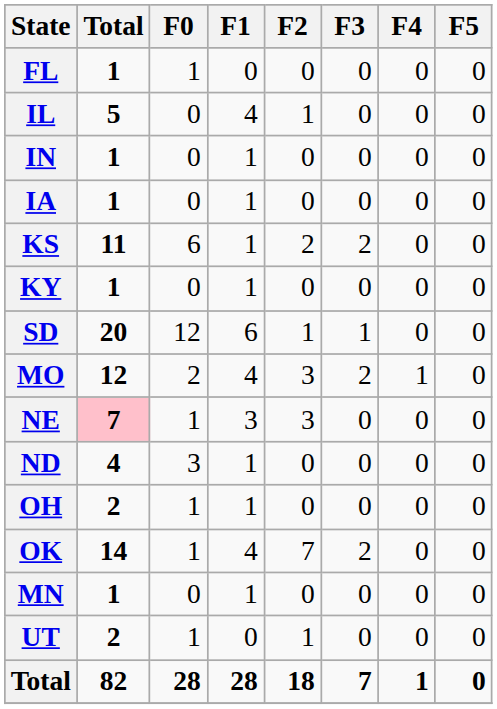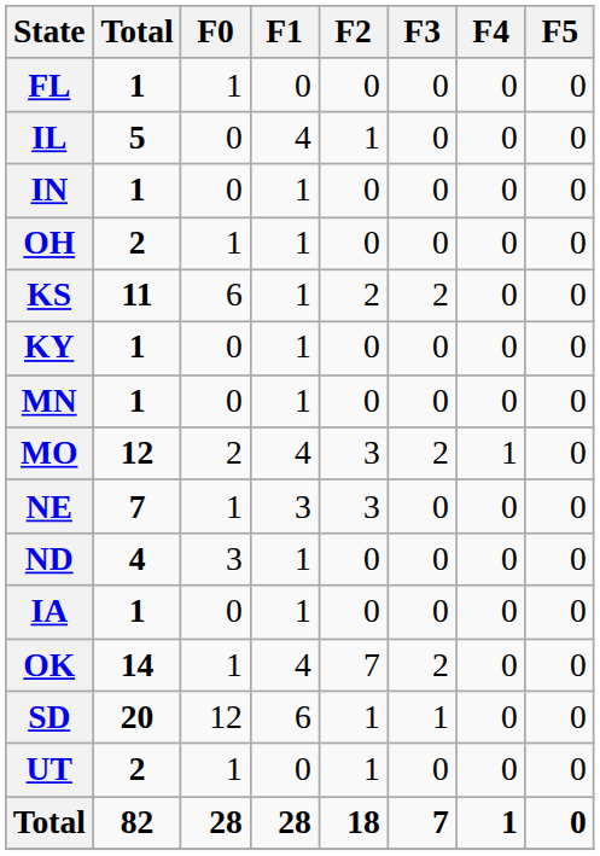 <table class="wikitable" style="margin:0.5em auto">
 <tr>
 <th>State</th>
 <th style="background:#">Total</th>
 <th style="background:#"> F0 </th>
 <th style="background:#"> F1 </th>
 <th style="background:#"> F2 </th>
 <th style="background:#"> F3 </th>
 <th style="background:#"> F4 </th>
 <th style="background:#"> F5 </th>
 </tr>
 <tr>
 <th><a href='#'>FL</a></th>
 <td align="center"><strong>1</strong></td>
 <td align="right">1</td>
 <td align="right">0</td>
 <td align="right">0</td>
 <td align="right">0</td>
 <td align="right">0</td>
 <td align="right">0</td>
 </tr>
 <tr>
 <th><a href='#'>IL</a></th>
 <td align="center"><strong>5</strong></td>
 <td align="right">0</td>
 <td align="right">4</td>
 <td align="right">1</td>
 <td align="right">0</td>
 <td align="right">0</td>
 <td align="right">0</td>
 </tr>
 <tr>
 <th><a href='#'>IN</a></th>
 <td align="center"><strong>1</strong></td>
 <td align="right">0</td>
 <td align="right">1</td>
 <td align="right">0</td>
 <td align="right">0</td>
 <td align="right">0</td>
 <td align="right">0</td>
 </tr>
 <tr>
-<th><a href='#'>IA</a></th>
-<td align="center"><strong>1</strong></td>
-<td align="right">0</td>
+<th><a href='#'>OH</a></th>
+<td align="center"><strong>2</strong></td>
+<td align="right">1</td>
 <td align="right">1</td>
 <td align="right">0</td>
 <td align="right">0</td>
 <td align="right">0</td>
 <td align="right">0</td>
 </tr>
 <tr>
 <th><a href='#'>KS</a></th>
 <td align="center"><strong>11</strong></td>
 <td align="right">6</td>
 <td align="right">1</td>
 <td align="right">2</td>
 <td align="right">2</td>
 <td align="right">0</td>
 <td align="right">0</td>
 </tr>
 <tr>
 <th><a href='#'>KY</a></th>
 <td align="center"><strong>1</strong></td>
 <td align="right">0</td>
 <td align="right">1</td>
 <td align="right">0</td>
 <td align="right">0</td>
 <td align="right">0</td>
 <td align="right">0</td>
 </tr>
 <tr>
-<th><a href='#'>SD</a></th>
-<td align="center"><strong>20</strong></td>
-<td align="right">12</td>
-<td align="right">6</td>
+<th><a href='#'>MN</a></th>
+<td align="center"><strong>1</strong></td>
+<td align="right">0</td>
 <td align="right">1</td>
-<td align="right">1</td>
+<td align="right">0</td>
+<td align="right">0</td>
 <td align="right">0</td>
 <td align="right">0</td>
 </tr>
 <tr>
 <th><a href='#'>MO</a></th>
 <td align="center"><strong>12</strong></td>
 <td align="right">2</td>
 <td align="right">4</td>
 <td align="right">3</td>
 <td align="right">2</td>
 <td align="right">1</td>
 <td align="right">0</td>
 </tr>
 <tr>
 <th><a href='#'>NE</a></th>
-<td align="center" style="background: pink;"><strong>7</strong></td>
+<td align="center"><strong>7</strong></td>
 <td align="right">1</td>
 <td align="right">3</td>
 <td align="right">3</td>
 <td align="right">0</td>
 <td align="right">0</td>
 <td align="right">0</td>
 </tr>
 <tr>
 <th><a href='#'>ND</a></th>
 <td align="center"><strong>4</strong></td>
 <td align="right">3</td>
 <td align="right">1</td>
 <td align="right">0</td>
 <td align="right">0</td>
 <td align="right">0</td>
 <td align="right">0</td>
 </tr>
 <tr>
-<th><a href='#'>OH</a></th>
-<td align="center"><strong>2</strong></td>
-<td align="right">1</td>
+<th><a href='#'>IA</a></th>
+<td align="center"><strong>1</strong></td>
+<td align="right">0</td>
 <td align="right">1</td>
 <td align="right">0</td>
 <td align="right">0</td>
 <td align="right">0</td>
 <td align="right">0</td>
 </tr>
 <tr>
 <th><a href='#'>OK</a></th>
 <td align="center"><strong>14</strong></td>
 <td align="right">1</td>
 <td align="right">4</td>
 <td align="right">7</td>
 <td align="right">2</td>
 <td align="right">0</td>
 <td align="right">0</td>
 </tr>
 <tr>
-<th><a href='#'>MN</a></th>
-<td align="center"><strong>1</strong></td>
-<td align="right">0</td>
+<th><a href='#'>SD</a></th>
+<td align="center"><strong>20</strong></td>
+<td align="right">12</td>
+<td align="right">6</td>
 <td align="right">1</td>
-<td align="right">0</td>
-<td align="right">0</td>
+<td align="right">1</td>
 <td align="right">0</td>
 <td align="right">0</td>
 </tr>
 <tr>
 <th><a href='#'>UT</a></th>
 <td align="center"><strong>2</strong></td>
 <td align="right">1</td>
 <td align="right">0</td>
 <td align="right">1</td>
 <td align="right">0</td>
 <td align="right">0</td>
 <td align="right">0</td>
 </tr>
 <tr>
 <th>Total</th>
 <td align="center"><strong>82</strong></td>
 <td align="right"><strong>28</strong></td>
 <td align="right"><strong>28</strong></td>
 <td align="right"><strong>18</strong></td>
 <td align="right"><strong>7</strong></td>
 <td align="right"><strong>1</strong></td>
 <td align="right"><strong>0</strong></td>
 </tr>
 <tr>
 </tr>
 </table>
